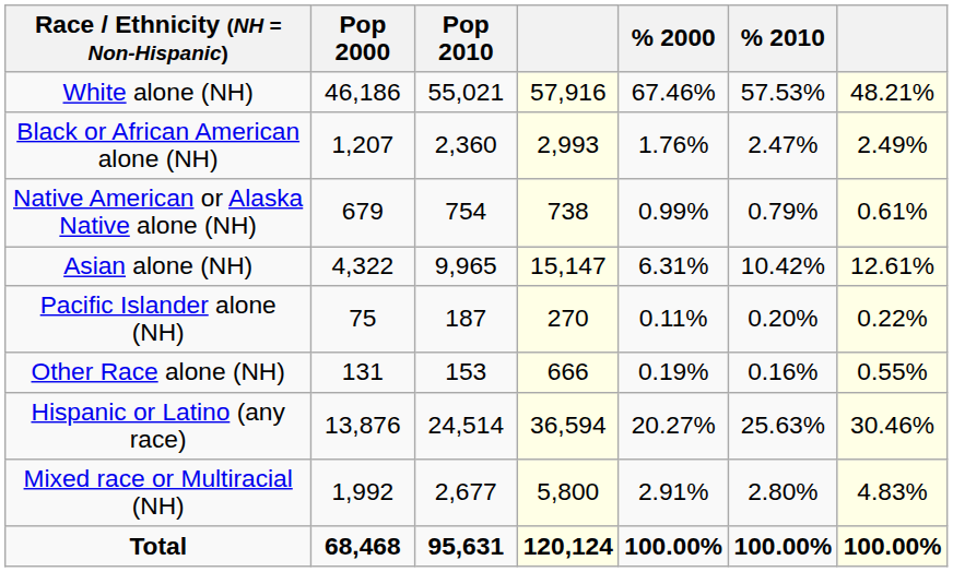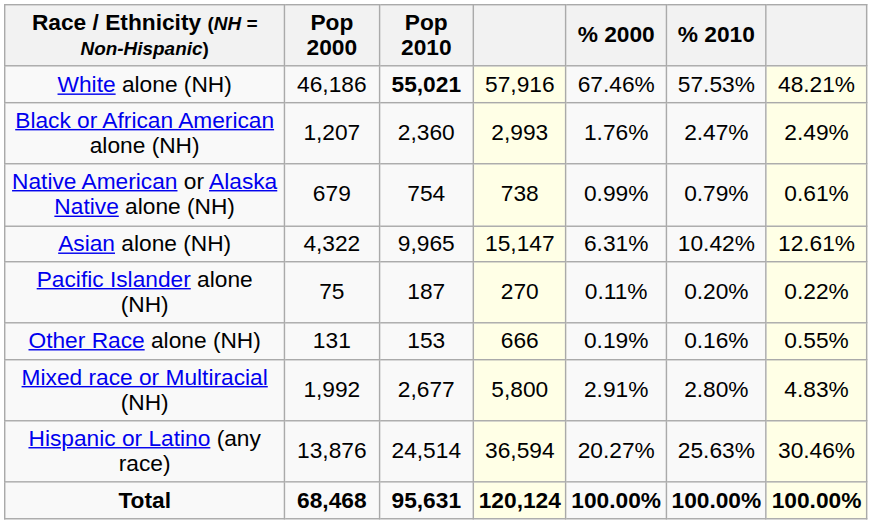 <table class="wikitable" style="text-align:center;">
 <tr>
 <th>Race / Ethnicity <small>(<em>NH = Non-Hispanic</em>)</small></th>
 <th>Pop 2000</th>
 <th>Pop 2010</th>
 <th></th>
 <th>% 2000</th>
 <th>% 2010</th>
 <th></th>
 </tr>
 <tr>
 <td><a href='#'>White</a> alone (NH)</td>
 <td>46,186</td>
-<td>55,021</td>
+<td><strong>55,021</strong></td>
 <td style='background: #ffffe6;'>57,916</td>
 <td>67.46%</td>
 <td>57.53%</td>
 <td style='background: #ffffe6;'>48.21%</td>
 </tr>
 <tr>
 <td><a href='#'>Black or African American</a> alone (NH)</td>
 <td>1,207</td>
 <td>2,360</td>
 <td style='background: #ffffe6;'>2,993</td>
 <td>1.76%</td>
 <td>2.47%</td>
 <td style='background: #ffffe6;'>2.49%</td>
 </tr>
 <tr>
 <td><a href='#'>Native American</a> or <a href='#'>Alaska Native</a> alone (NH)</td>
 <td>679</td>
 <td>754</td>
 <td style='background: #ffffe6;'>738</td>
 <td>0.99%</td>
 <td>0.79%</td>
 <td style='background: #ffffe6;'>0.61%</td>
 </tr>
 <tr>
 <td><a href='#'>Asian</a> alone (NH)</td>
 <td>4,322</td>
 <td>9,965</td>
 <td style='background: #ffffe6;'>15,147</td>
 <td>6.31%</td>
 <td>10.42%</td>
 <td style='background: #ffffe6;'>12.61%</td>
 </tr>
 <tr>
 <td><a href='#'>Pacific Islander</a> alone (NH)</td>
 <td>75</td>
 <td>187</td>
 <td style='background: #ffffe6;'>270</td>
 <td>0.11%</td>
 <td>0.20%</td>
 <td style='background: #ffffe6;'>0.22%</td>
 </tr>
 <tr>
 <td><a href='#'>Other Race</a> alone (NH)</td>
 <td>131</td>
 <td>153</td>
 <td style='background: #ffffe6;'>666</td>
 <td>0.19%</td>
 <td>0.16%</td>
 <td style='background: #ffffe6;'>0.55%</td>
 </tr>
 <tr>
+<td><a href='#'>Mixed race or Multiracial</a> (NH)</td>
+<td>1,992</td>
+<td>2,677</td>
+<td style='background: #ffffe6;'>5,800</td>
+<td>2.91%</td>
+<td>2.80%</td>
+<td style='background: #ffffe6;'>4.83%</td>
+</tr>
+<tr>
 <td><a href='#'>Hispanic or Latino</a> (any race)</td>
 <td>13,876</td>
 <td>24,514</td>
 <td style='background: #ffffe6;'>36,594</td>
 <td>20.27%</td>
 <td>25.63%</td>
 <td style='background: #ffffe6;'>30.46%</td>
-</tr>
-<tr>
-<td><a href='#'>Mixed race or Multiracial</a> (NH)</td>
-<td>1,992</td>
-<td>2,677</td>
-<td style='background: #ffffe6;'>5,800</td>
-<td>2.91%</td>
-<td>2.80%</td>
-<td style='background: #ffffe6;'>4.83%</td>
 </tr>
 <tr>
 <td><strong>Total</strong></td>
 <td><strong>68,468</strong></td>
 <td><strong>95,631</strong></td>
 <td style='background: #ffffe6;'><strong>120,124</strong></td>
 <td><strong>100.00%</strong></td>
 <td><strong>100.00%</strong></td>
 <td style='background: #ffffe6;'><strong>100.00%</strong></td>
 </tr>
 </table>
